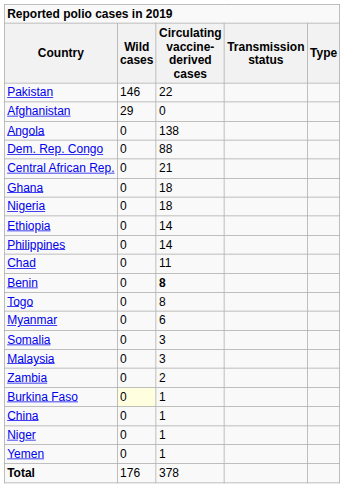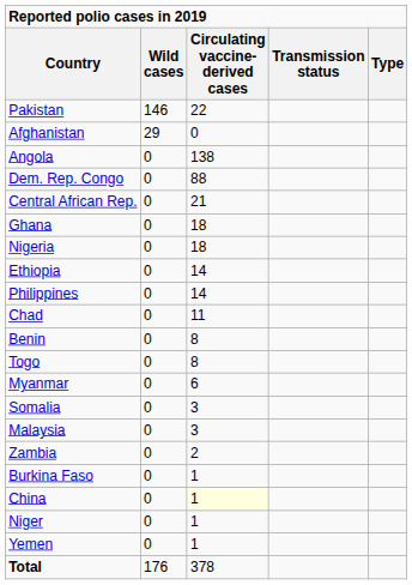 <table class="wikitable sortable mw-collapsible mw-collapsed" font-size:85%; margin-left:15px">
 <tr>
 <td colspan="5"><div><strong>Reported polio cases in 2019</strong><br> </div></td>
 </tr>
 <tr>
 <th>Country</th>
 <th>Wild<br>cases</th>
 <th>Circulating<br>vaccine-<br>derived<br>cases</th>
 <th>Transmission<br>status</th>
 <th>Type</th>
 </tr>
 <tr>
 <td><a href='#'>Pakistan</a></td>
 <td>146</td>
 <td>22</td>
 <td></td>
 <td><br></td>
 </tr>
 <tr>
 <td><a href='#'>Afghanistan</a></td>
 <td>29</td>
 <td>0</td>
 <td></td>
 <td></td>
 </tr>
 <tr>
 <td><a href='#'>Angola</a></td>
 <td>0</td>
 <td>138</td>
 <td></td>
 <td></td>
 </tr>
 <tr>
 <td><a href='#'>Dem. Rep. Congo</a></td>
 <td>0</td>
 <td>88</td>
 <td></td>
 <td></td>
 </tr>
 <tr>
 <td><a href='#'>Central African Rep.</a></td>
 <td>0</td>
 <td>21</td>
 <td></td>
 <td></td>
 </tr>
 <tr>
 <td><a href='#'>Ghana</a></td>
 <td>0</td>
 <td>18</td>
 <td></td>
 <td></td>
 </tr>
 <tr>
 <td><a href='#'>Nigeria</a></td>
 <td>0</td>
 <td>18</td>
 <td></td>
 <td></td>
 </tr>
 <tr>
 <td><a href='#'>Ethiopia</a></td>
 <td>0</td>
 <td>14</td>
 <td></td>
 <td></td>
 </tr>
 <tr>
 <td><a href='#'>Philippines</a></td>
 <td>0</td>
 <td>14</td>
 <td></td>
 <td></td>
 </tr>
 <tr>
 <td><a href='#'>Chad</a></td>
 <td>0</td>
 <td>11</td>
 <td></td>
 <td></td>
 </tr>
 <tr>
 <td><a href='#'>Benin</a></td>
 <td>0</td>
-<td><strong>8</strong></td>
+<td>8</td>
 <td></td>
 <td></td>
 </tr>
 <tr>
 <td><a href='#'>Togo</a></td>
 <td>0</td>
 <td>8</td>
 <td></td>
 <td></td>
 </tr>
 <tr>
 <td><a href='#'>Myanmar</a></td>
 <td>0</td>
 <td>6</td>
 <td></td>
 <td></td>
 </tr>
 <tr>
 <td><a href='#'>Somalia</a></td>
 <td>0</td>
 <td>3</td>
 <td></td>
 <td></td>
 </tr>
 <tr>
 <td><a href='#'>Malaysia</a></td>
 <td>0</td>
 <td>3</td>
 <td></td>
 <td></td>
 </tr>
 <tr>
 <td><a href='#'>Zambia</a></td>
 <td>0</td>
 <td>2</td>
 <td></td>
 <td></td>
 </tr>
 <tr>
 <td><a href='#'>Burkina Faso</a></td>
-<td style="background: lightyellow;">0</td>
+<td>0</td>
 <td>1</td>
 <td></td>
 <td></td>
 </tr>
 <tr>
 <td><a href='#'>China</a></td>
 <td>0</td>
-<td>1</td>
+<td style="background: lightyellow;">1</td>
 <td></td>
 <td></td>
 </tr>
 <tr>
 <td><a href='#'>Niger</a></td>
 <td>0</td>
 <td>1</td>
 <td></td>
 <td></td>
 </tr>
 <tr>
 <td><a href='#'>Yemen</a></td>
 <td>0</td>
 <td>1</td>
 <td></td>
 <td></td>
 </tr>
 <tr>
 <td><strong>Total</strong></td>
 <td>176</td>
 <td>378</td>
 <td></td>
 <td></td>
 </tr>
 </table>
